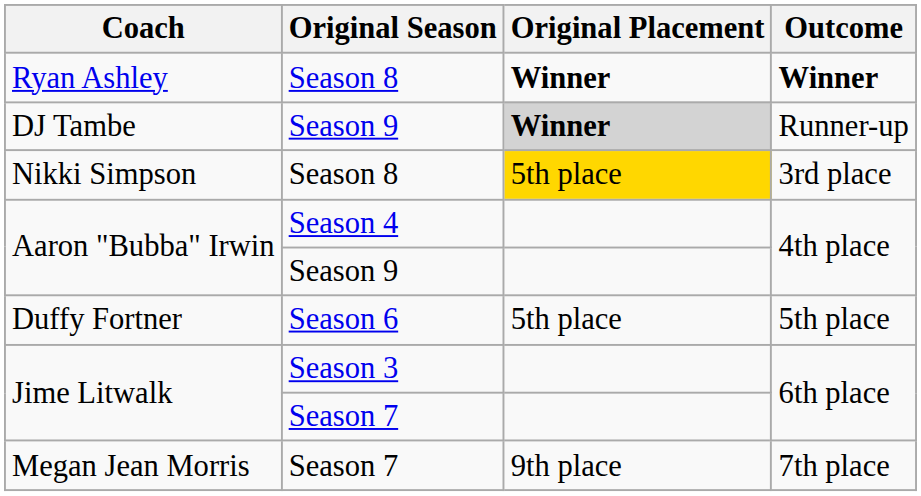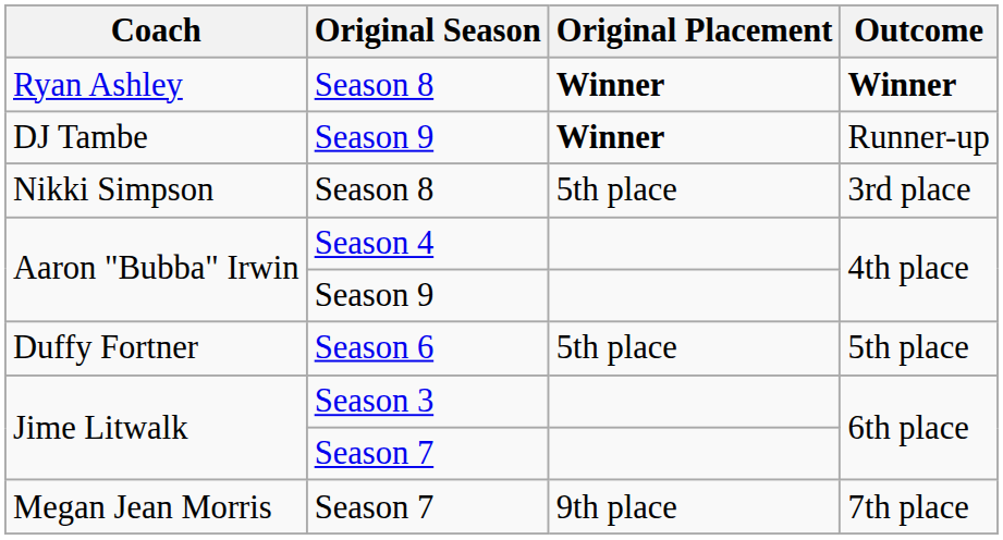 <table class="wikitable sortable">
 <tr>
 <th>Coach</th>
 <th>Original Season</th>
 <th>Original Placement</th>
 <th>Outcome</th>
 </tr>
 <tr>
 <td><a href='#'>Ryan Ashley</a></td>
 <td><a href='#'>Season 8</a></td>
 <td><strong>Winner</strong></td>
 <td><strong>Winner</strong></td>
 </tr>
 <tr>
 <td>DJ Tambe</td>
 <td><a href='#'>Season 9</a></td>
-<td style="background: lightgrey;"><strong>Winner</strong></td>
+<td><strong>Winner</strong></td>
 <td>Runner-up</td>
 </tr>
 <tr>
 <td>Nikki Simpson</td>
 <td>Season 8</td>
-<td style="background: gold;">5th place</td>
+<td>5th place</td>
 <td>3rd place</td>
 </tr>
 <tr>
 <td rowspan="2">Aaron "Bubba" Irwin</td>
 <td><a href='#'>Season 4</a></td>
 <td></td>
 <td rowspan="2">4th place</td>
 </tr>
 <tr>
 <td>Season 9</td>
 <td></td>
 </tr>
 <tr>
 <td>Duffy Fortner</td>
 <td><a href='#'>Season 6</a></td>
 <td>5th place</td>
 <td>5th place</td>
 </tr>
 <tr>
 <td rowspan="2">Jime Litwalk</td>
 <td><a href='#'>Season 3</a></td>
 <td></td>
 <td rowspan="2">6th place</td>
 </tr>
 <tr>
 <td><a href='#'>Season 7</a></td>
 <td></td>
 </tr>
 <tr>
 <td>Megan Jean Morris</td>
 <td>Season 7</td>
 <td>9th place</td>
 <td>7th place</td>
 </tr>
 </table>
